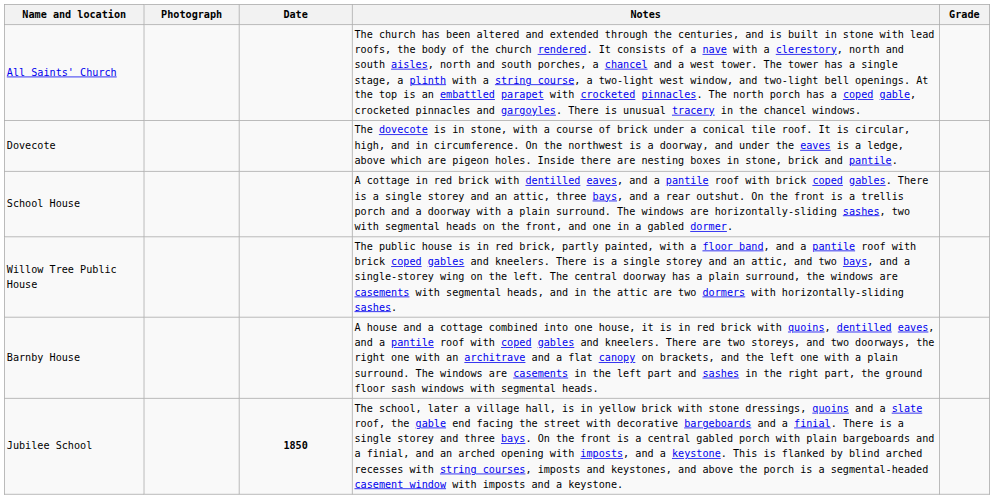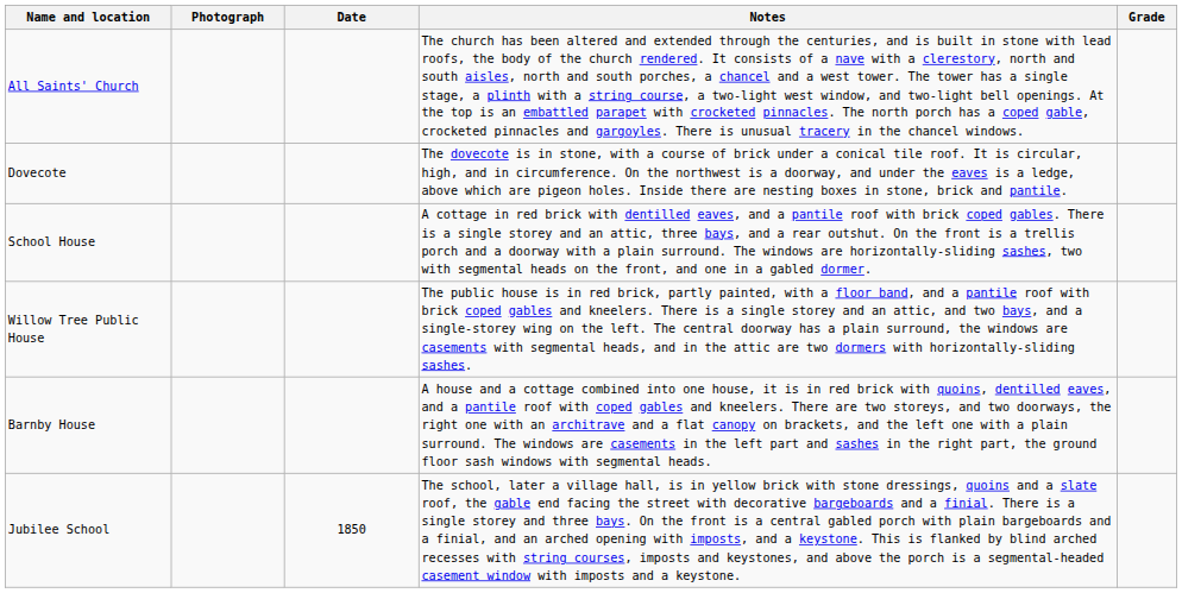 <table class="wikitable sortable plainrowheaders" style="width:100%; border:0px; text-align:left; line-height:150%">
 <tr>
 <th scope="col"  style="width:150px">Name and location</th>
 <th scope="col"  style="width:100px" class="unsortable">Photograph</th>
 <th scope="col"  style="width:120px">Date</th>
 <th scope="col"  style="width:650px" class="unsortable">Notes</th>
 <th scope="col"  style="width:50px">Grade</th>
 </tr>
 <tr>
 <td><a href='#'>All Saints' Church</a><br><small></small></td>
 <td></td>
 <td align="center"></td>
 <td>The church has been altered and extended through the centuries, and is built in stone with lead roofs, the body of the church <a href='#'>rendered</a>.  It consists of a <a href='#'>nave</a> with a <a href='#'>clerestory</a>, north and south <a href='#'>aisles</a>, north and south porches, a <a href='#'>chancel</a> and a west tower.  The tower has a single stage, a <a href='#'>plinth</a> with a <a href='#'>string course</a>, a two-light west window, and two-light bell openings.  At the top is an <a href='#'>embattled</a> <a href='#'>parapet</a> with <a href='#'>crocketed</a> <a href='#'>pinnacles</a>.  The north porch has a <a href='#'>coped</a> <a href='#'>gable</a>, crocketed pinnacles and <a href='#'>gargoyles</a>.  There is unusual <a href='#'>tracery</a> in the chancel windows.</td>
 <td align="center" ></td>
 </tr>
 <tr>
 <td>Dovecote<br><small></small></td>
 <td></td>
 <td align="center"></td>
 <td>The <a href='#'>dovecote</a> is in stone, with a course of brick under a conical tile roof.  It is circular,  high, and  in circumference.  On the northwest is a doorway, and under the <a href='#'>eaves</a> is a ledge, above which are pigeon holes.  Inside there are nesting boxes in stone, brick and <a href='#'>pantile</a>.</td>
 <td align="center" ></td>
 </tr>
 <tr>
 <td>School House<br><small></small></td>
 <td></td>
 <td align="center"></td>
 <td>A cottage in red brick with <a href='#'>dentilled</a> <a href='#'>eaves</a>, and a <a href='#'>pantile</a> roof with brick <a href='#'>coped</a> <a href='#'>gables</a>.  There is a single storey and an attic, three <a href='#'>bays</a>, and a rear outshut.  On the front is a trellis porch and a doorway with a plain surround.  The windows are horizontally-sliding <a href='#'>sashes</a>, two with segmental heads on the front, and one in a gabled <a href='#'>dormer</a>.</td>
 <td align="center" ></td>
 </tr>
 <tr>
 <td>Willow Tree Public House<br><small></small></td>
 <td></td>
 <td align="center"></td>
 <td>The public house is in red brick, partly painted, with a <a href='#'>floor band</a>, and a <a href='#'>pantile</a> roof with brick <a href='#'>coped</a> <a href='#'>gables</a> and kneelers.  There is a single storey and an attic, and two <a href='#'>bays</a>, and a single-storey wing on the left.  The central doorway has a plain surround, the windows are <a href='#'>casements</a> with segmental heads, and in the attic are two <a href='#'>dormers</a> with horizontally-sliding <a href='#'>sashes</a>.</td>
 <td align="center" ></td>
 </tr>
 <tr>
 <td>Barnby House<br><small></small></td>
 <td></td>
 <td align="center"></td>
 <td>A house and a cottage combined into one house, it is in red brick with <a href='#'>quoins</a>, <a href='#'>dentilled</a> <a href='#'>eaves</a>, and a <a href='#'>pantile</a> roof with <a href='#'>coped</a> <a href='#'>gables</a> and kneelers.  There are two storeys, and two doorways, the right one with an <a href='#'>architrave</a> and a flat <a href='#'>canopy</a> on brackets, and the left one with a plain surround.  The windows are <a href='#'>casements</a> in the left part and <a href='#'>sashes</a> in the right part, the ground floor sash windows with segmental heads.</td>
 <td align="center" ></td>
 </tr>
 <tr>
 <td>Jubilee School<br><small></small></td>
 <td></td>
-<td align="center"><strong>1850</strong></td>
+<td align="center">1850</td>
 <td>The school, later a village hall, is in yellow brick with stone dressings, <a href='#'>quoins</a> and a <a href='#'>slate</a> roof, the <a href='#'>gable</a> end facing the street with decorative <a href='#'>bargeboards</a> and a <a href='#'>finial</a>.  There is a single storey and three <a href='#'>bays</a>.  On the front is a central gabled porch with plain bargeboards and a finial, and an arched opening with <a href='#'>imposts</a>, and a <a href='#'>keystone</a>.  This is flanked by blind arched recesses with <a href='#'>string courses</a>, imposts and keystones, and above the porch is a segmental-headed <a href='#'>casement window</a> with imposts and a keystone.</td>
 <td align="center" ></td>
 </tr>
 <tr>
 </tr>
 </table>
